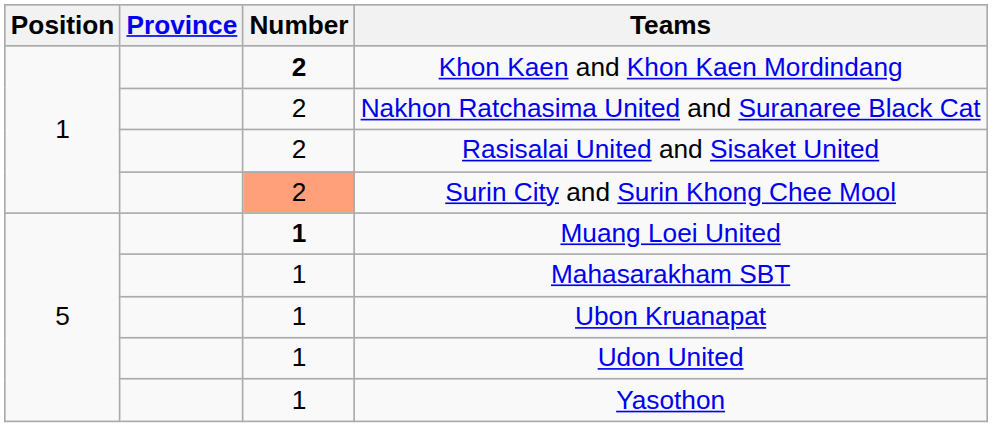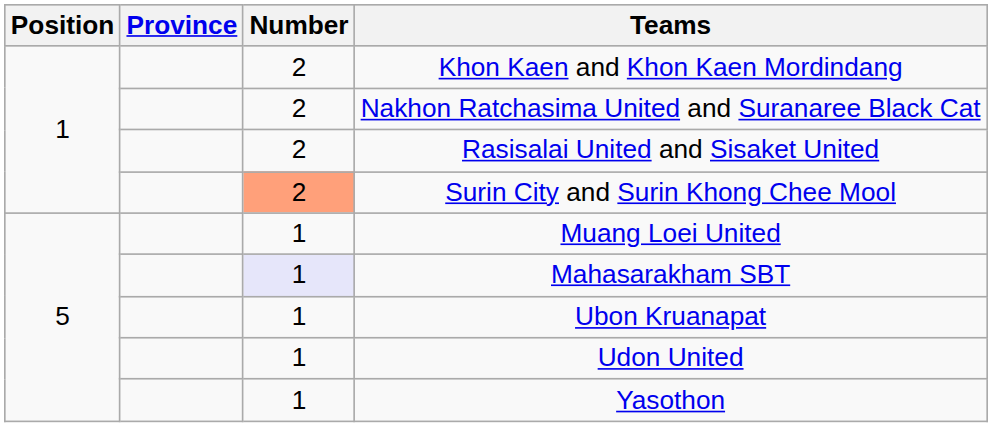 <table class="wikitable">
 <tr>
 <th>Position</th>
 <th><a href='#'>Province</a></th>
 <th>Number</th>
 <th>Teams</th>
 </tr>
 <tr>
 <td align=center rowspan="4">1</td>
 <td></td>
-<td align=center><strong>2</strong></td>
+<td align=center>2</td>
 <td align=center><a href='#'>Khon Kaen</a> and <a href='#'>Khon Kaen Mordindang</a></td>
 </tr>
 <tr>
 <td></td>
 <td align=center>2</td>
 <td align=center><a href='#'>Nakhon Ratchasima United</a> and <a href='#'>Suranaree Black Cat</a></td>
 </tr>
 <tr>
 <td></td>
 <td align=center>2</td>
 <td align=center><a href='#'>Rasisalai United</a> and <a href='#'>Sisaket United</a></td>
 </tr>
 <tr>
 <td></td>
 <td align=center style="background: lightsalmon;">2</td>
 <td align=center><a href='#'>Surin City</a> and <a href='#'>Surin Khong Chee Mool</a></td>
 </tr>
 <tr>
 <td align=center rowspan="5">5</td>
 <td></td>
-<td align=center><strong>1</strong></td>
+<td align=center>1</td>
 <td align=center><a href='#'>Muang Loei United</a></td>
 </tr>
 <tr>
 <td></td>
-<td align=center>1</td>
+<td align=center style="background: lavender;">1</td>
 <td align=center><a href='#'>Mahasarakham SBT</a></td>
 </tr>
 <tr>
 <td></td>
 <td align=center>1</td>
 <td align=center><a href='#'>Ubon Kruanapat</a></td>
 </tr>
 <tr>
 <td></td>
 <td align=center>1</td>
 <td align=center><a href='#'>Udon United</a></td>
 </tr>
 <tr>
 <td></td>
 <td align=center>1</td>
 <td align=center><a href='#'>Yasothon</a></td>
 </tr>
 </table>
